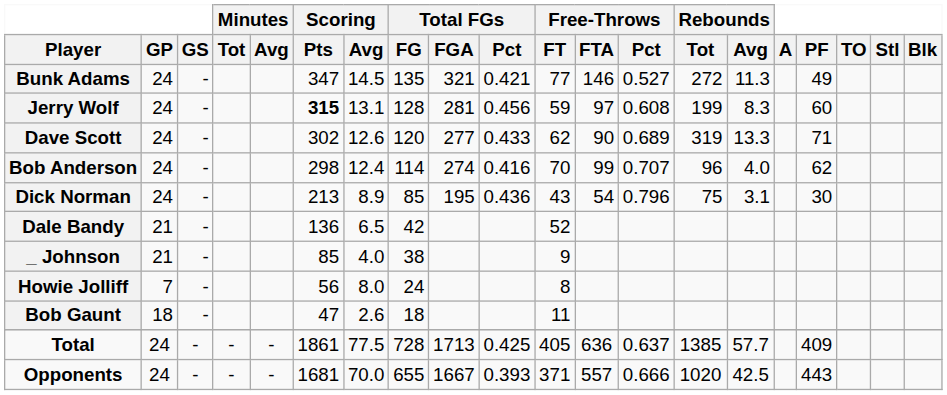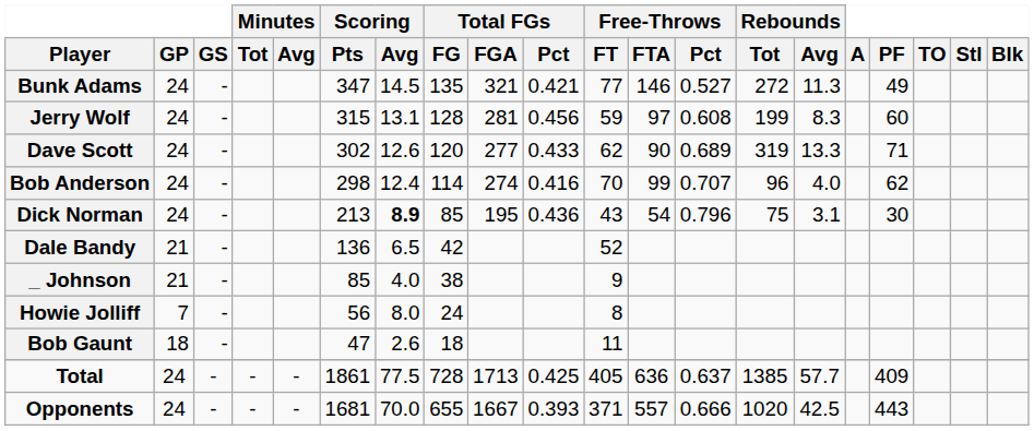 <table class="wikitable sortable" border="1" style="font-size:90%;">
 <tr>
 <th colspan="3" style="border-top-style:hidden; border-left-style:hidden; background: white;"></th>
 <th colspan="2" style=>Minutes</th>
 <th colspan="2" style=>Scoring</th>
 <th colspan="3" style=>Total FGs</th>
 <th colspan="3" style=>Free-Throws</th>
 <th colspan="2" style=>Rebounds</th>
 <th colspan="5" style="border-top-style:hidden; border-right-style:hidden; background: white;"></th>
 </tr>
 <tr>
 <th scope="col" style=>Player</th>
 <th scope="col" style=>GP</th>
 <th scope="col" style=>GS</th>
 <th scope="col" style=>Tot</th>
 <th scope="col" style=>Avg</th>
 <th scope="col" style=>Pts</th>
 <th scope="col" style=>Avg</th>
 <th scope="col" style=>FG</th>
 <th scope="col" style=>FGA</th>
 <th scope="col" style=>Pct</th>
 <th scope="col" style=>FT</th>
 <th scope="col" style=>FTA</th>
 <th scope="col" style=>Pct</th>
 <th scope="col" style=>Tot</th>
 <th scope="col" style=>Avg</th>
 <th scope="col" style=>A</th>
 <th scope="col" style=>PF</th>
 <th scope="col" style=>TO</th>
 <th scope="col" style=>Stl</th>
 <th scope="col" style=>Blk</th>
 </tr>
 <tr>
 <th>Bunk Adams</th>
 <td align="right">24</td>
 <td align="right">-</td>
 <td align="right"></td>
 <td align="right"></td>
 <td align="right">347</td>
 <td align="right">14.5</td>
 <td align="right">135</td>
 <td align="right">321</td>
 <td align="right">0.421</td>
 <td align="right">77</td>
 <td align="right">146</td>
 <td align="right">0.527</td>
 <td align="right">272</td>
 <td align="right">11.3</td>
 <td align="right"></td>
 <td align="right">49</td>
 <td align="right"></td>
 <td align="right"></td>
 <td align="right"></td>
 </tr>
 <tr>
 <th>Jerry Wolf</th>
 <td align="right">24</td>
 <td align="right">-</td>
 <td align="right"></td>
 <td align="right"></td>
-<td align="right"><strong>315</strong></td>
+<td align="right">315</td>
 <td align="right">13.1</td>
 <td align="right">128</td>
 <td align="right">281</td>
 <td align="right">0.456</td>
 <td align="right">59</td>
 <td align="right">97</td>
 <td align="right">0.608</td>
 <td align="right">199</td>
 <td align="right">8.3</td>
 <td align="right"></td>
 <td align="right">60</td>
 <td align="right"></td>
 <td align="right"></td>
 <td align="right"></td>
 </tr>
 <tr>
 <th>Dave Scott</th>
 <td align="right">24</td>
 <td align="right">-</td>
 <td align="right"></td>
 <td align="right"></td>
 <td align="right">302</td>
 <td align="right">12.6</td>
 <td align="right">120</td>
 <td align="right">277</td>
 <td align="right">0.433</td>
 <td align="right">62</td>
 <td align="right">90</td>
 <td align="right">0.689</td>
 <td align="right">319</td>
 <td align="right">13.3</td>
 <td align="right"></td>
 <td align="right">71</td>
 <td align="right"></td>
 <td align="right"></td>
 <td align="right"></td>
 </tr>
 <tr>
 <th>Bob Anderson</th>
 <td align="right">24</td>
 <td align="right">-</td>
 <td align="right"></td>
 <td align="right"></td>
 <td align="right">298</td>
 <td align="right">12.4</td>
 <td align="right">114</td>
 <td align="right">274</td>
 <td align="right">0.416</td>
 <td align="right">70</td>
 <td align="right">99</td>
 <td align="right">0.707</td>
 <td align="right">96</td>
 <td align="right">4.0</td>
 <td align="right"></td>
 <td align="right">62</td>
 <td align="right"></td>
 <td align="right"></td>
 <td align="right"></td>
 </tr>
 <tr>
 <th>Dick Norman</th>
 <td align="right">24</td>
 <td align="right">-</td>
 <td align="right"></td>
 <td align="right"></td>
 <td align="right">213</td>
-<td align="right">8.9</td>
+<td align="right"><strong>8.9</strong></td>
 <td align="right">85</td>
 <td align="right">195</td>
 <td align="right">0.436</td>
 <td align="right">43</td>
 <td align="right">54</td>
 <td align="right">0.796</td>
 <td align="right">75</td>
 <td align="right">3.1</td>
 <td align="right"></td>
 <td align="right">30</td>
 <td align="right"></td>
 <td align="right"></td>
 <td align="right"></td>
 </tr>
 <tr>
 <th>Dale Bandy</th>
 <td align="right">21</td>
 <td align="right">-</td>
 <td align="right"></td>
 <td align="right"></td>
 <td align="right">136</td>
 <td align="right">6.5</td>
 <td align="right">42</td>
 <td align="right"></td>
 <td align="right"></td>
 <td align="right">52</td>
 <td align="right"></td>
 <td align="right"></td>
 <td align="right"></td>
 <td align="right"></td>
 <td align="right"></td>
 <td align="right"></td>
 <td align="right"></td>
 <td align="right"></td>
 <td align="right"></td>
 </tr>
 <tr>
 <th>_ Johnson</th>
 <td align="right">21</td>
 <td align="right">-</td>
 <td align="right"></td>
 <td align="right"></td>
 <td align="right">85</td>
 <td align="right">4.0</td>
 <td align="right">38</td>
 <td align="right"></td>
 <td align="right"></td>
 <td align="right">9</td>
 <td align="right"></td>
 <td align="right"></td>
 <td align="right"></td>
 <td align="right"></td>
 <td align="right"></td>
 <td align="right"></td>
 <td align="right"></td>
 <td align="right"></td>
 <td align="right"></td>
 </tr>
 <tr>
 <th>Howie Jolliff</th>
 <td align="right">7</td>
 <td align="right">-</td>
 <td align="right"></td>
 <td align="right"></td>
 <td align="right">56</td>
 <td align="right">8.0</td>
 <td align="right">24</td>
 <td align="right"></td>
 <td align="right"></td>
 <td align="right">8</td>
 <td align="right"></td>
 <td align="right"></td>
 <td align="right"></td>
 <td align="right"></td>
 <td align="right"></td>
 <td align="right"></td>
 <td align="right"></td>
 <td align="right"></td>
 <td align="right"></td>
 </tr>
 <tr>
 <th>Bob Gaunt</th>
 <td align="right">18</td>
 <td align="right">-</td>
 <td align="right"></td>
 <td align="right"></td>
 <td align="right">47</td>
 <td align="right">2.6</td>
 <td align="right">18</td>
 <td align="right"></td>
 <td align="right"></td>
 <td align="right">11</td>
 <td align="right"></td>
 <td align="right"></td>
 <td align="right"></td>
 <td align="right"></td>
 <td align="right"></td>
 <td align="right"></td>
 <td align="right"></td>
 <td align="right"></td>
 <td align="right"></td>
 </tr>
 <tr>
 </tr>
 <tr class="sortbottom">
 <td align="center" style=><strong>Total</strong></td>
 <td align="center" style=>24</td>
 <td align="center" style=>-</td>
 <td align="center" style=>-</td>
 <td align="center" style=>-</td>
 <td align="center" style=>1861</td>
 <td align="center" style=>77.5</td>
 <td align="center" style=>728</td>
 <td align="center" style=>1713</td>
 <td align="center" style=>0.425</td>
 <td align="center" style=>405</td>
 <td align="center" style=>636</td>
 <td align="center" style=>0.637</td>
 <td align="center" style=>1385</td>
 <td align="center" style=>57.7</td>
 <td align="center" style=></td>
 <td align="center" style=>409</td>
 <td align="center" style=></td>
 <td align="center" style=></td>
 <td align="center" style=></td>
 </tr>
 <tr class="sortbottom">
 <td align="center"><strong>Opponents</strong></td>
 <td align="center">24</td>
 <td align="center">-</td>
 <td align="center">-</td>
 <td align="center">-</td>
 <td align="center">1681</td>
 <td align="center">70.0</td>
 <td align="center">655</td>
 <td align="center">1667</td>
 <td align="center">0.393</td>
 <td align="center">371</td>
 <td align="center">557</td>
 <td align="center">0.666</td>
 <td align="center">1020</td>
 <td align="center">42.5</td>
 <td align="center"></td>
 <td align="center">443</td>
 <td align="center"></td>
 <td align="center"></td>
 <td align="center"></td>
 </tr>
 </table>
